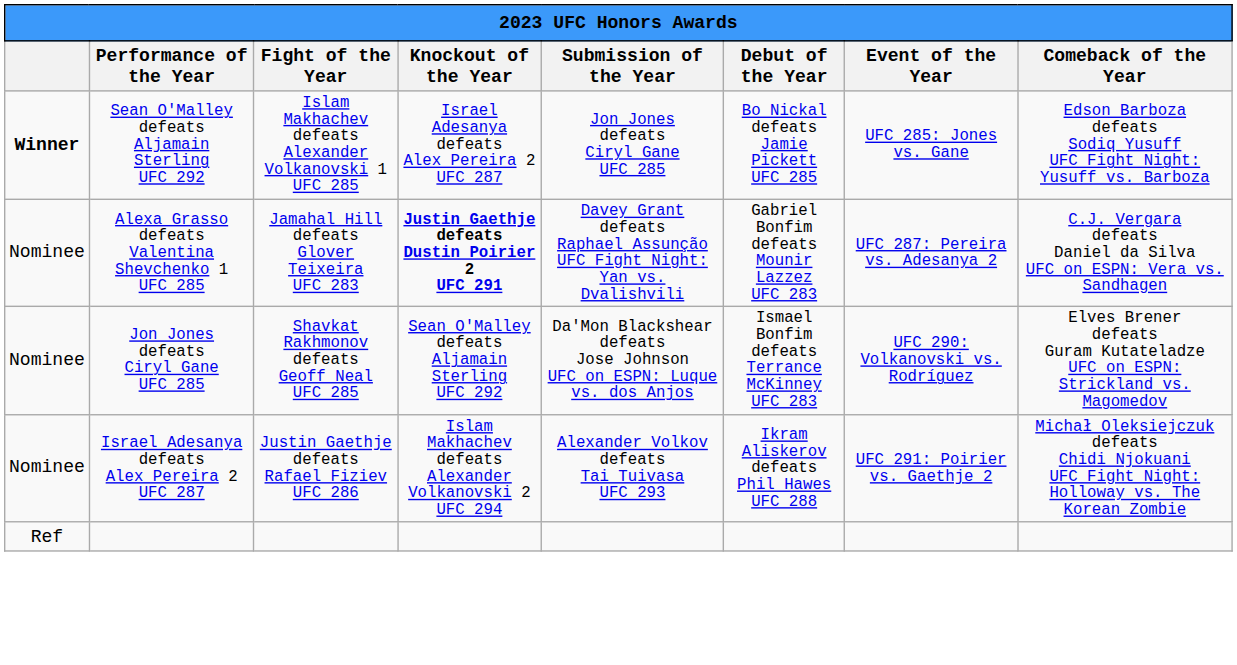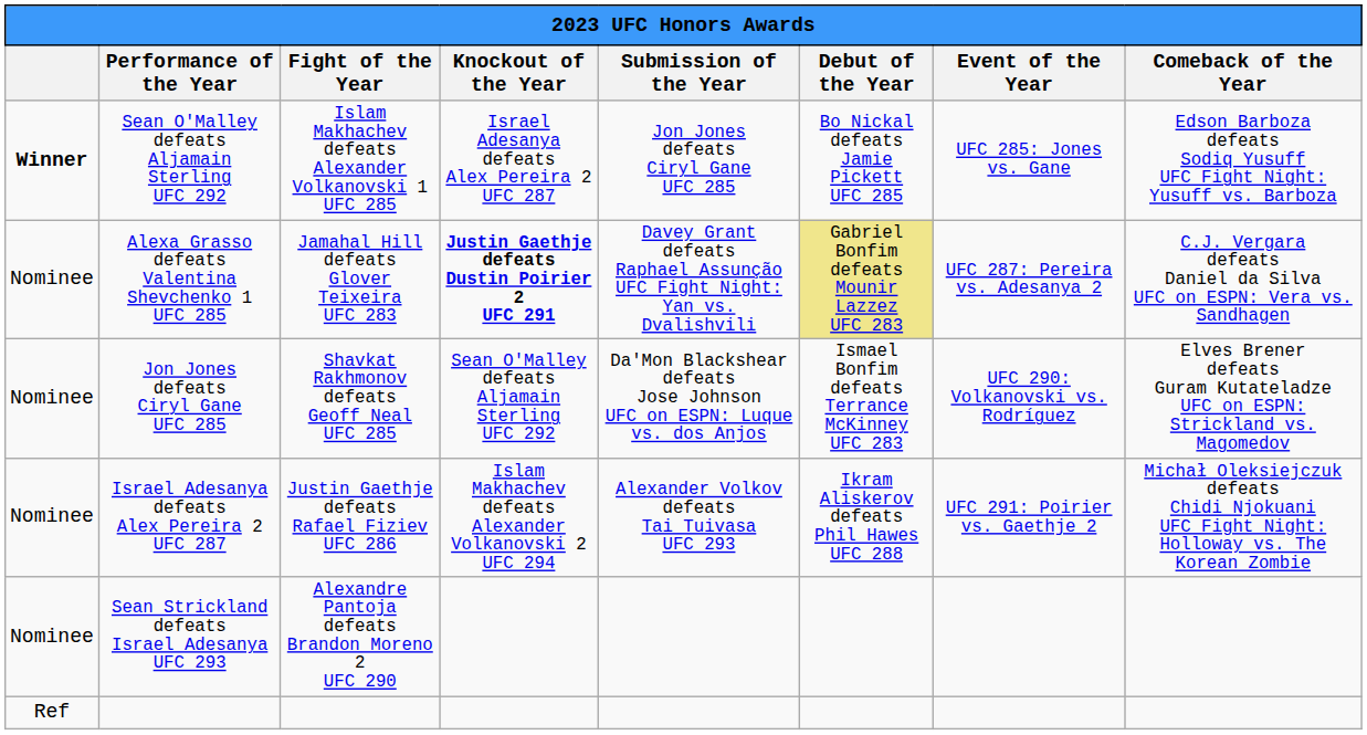 <table class="wikitable" width="100%" style="text-align:Center">
 <tr>
 <th colspan="8" style="border: 1px solid black; padding: 5px; background: #3B99FA;">2023 UFC Honors Awards</th>
 </tr>
 <tr>
 <th></th>
 <th>Performance of the Year</th>
 <th>Fight of the Year</th>
 <th>Knockout of the Year</th>
 <th>Submission of the Year</th>
 <th>Debut of the Year</th>
 <th>Event of the Year</th>
 <th>Comeback of the Year</th>
 </tr>
 <tr>
 <td><strong>Winner</strong></td>
 <td style="font-size:87%"><a href='#'>Sean O'Malley</a> <br> defeats <br> <a href='#'>Aljamain Sterling</a> <br> <a href='#'>UFC 292</a></td>
 <td style="font-size:87%"><a href='#'>Islam Makhachev</a> <br> defeats <br> <a href='#'>Alexander Volkanovski</a> 1 <br> <a href='#'>UFC 285</a></td>
 <td style="font-size:87%"><a href='#'>Israel Adesanya</a> <br> defeats <br> <a href='#'>Alex Pereira</a> 2 <br> <a href='#'>UFC 287</a></td>
 <td style="font-size:87%"><a href='#'>Jon Jones</a> <br> defeats <br> <a href='#'>Ciryl Gane</a> <br> <a href='#'>UFC 285</a></td>
 <td style="font-size:87%"><a href='#'>Bo Nickal</a> <br> defeats <br> <a href='#'>Jamie Pickett</a> <br> <a href='#'>UFC 285</a></td>
 <td style="font-size:87%"><a href='#'>UFC 285: Jones vs. Gane</a></td>
 <td style="font-size:87%"><a href='#'>Edson Barboza</a> <br> defeats <br> <a href='#'>Sodiq Yusuff</a> <br> <a href='#'>UFC Fight Night: Yusuff vs. Barboza</a></td>
 </tr>
 <tr>
 <td>Nominee</td>
 <td style="font-size:87%"><a href='#'>Alexa Grasso</a> <br> defeats <br> <a href='#'>Valentina Shevchenko</a> 1 <br> <a href='#'>UFC 285</a></td>
 <td style="font-size:87%"><a href='#'>Jamahal Hill</a> <br> defeats <br> <a href='#'>Glover Teixeira</a> <br> <a href='#'>UFC 283</a></td>
 <td style="font-size:87%"><strong><a href='#'>Justin Gaethje</a> <br> defeats <br> <a href='#'>Dustin Poirier</a> 2 <br> <a href='#'>UFC 291</a></strong></td>
 <td style="font-size:87%"><a href='#'>Davey Grant</a> <br> defeats <br> <a href='#'>Raphael Assunção</a> <br> <a href='#'>UFC Fight Night: Yan vs. Dvalishvili</a></td>
-<td style="font-size:87%">Gabriel Bonfim <br> defeats <br> <a href='#'>Mounir Lazzez</a> <br> <a href='#'>UFC 283</a></td>
+<td style="background: khaki; font-size:87%">Gabriel Bonfim <br> defeats <br> <a href='#'>Mounir Lazzez</a> <br> <a href='#'>UFC 283</a></td>
 <td style="font-size:87%"><a href='#'>UFC 287: Pereira vs. Adesanya 2</a></td>
 <td style="font-size:87%"><a href='#'>C.J. Vergara</a> <br> defeats <br> Daniel da Silva <br> <a href='#'>UFC on ESPN: Vera vs. Sandhagen</a></td>
 </tr>
 <tr>
 <td>Nominee</td>
 <td style="font-size:87%"><a href='#'>Jon Jones</a> <br> defeats <br> <a href='#'>Ciryl Gane</a> <br> <a href='#'>UFC 285</a></td>
 <td style="font-size:87%"><a href='#'>Shavkat Rakhmonov</a> <br> defeats <br> <a href='#'>Geoff Neal</a> <br> <a href='#'>UFC 285</a></td>
 <td style="font-size:87%"><a href='#'>Sean O'Malley</a> <br> defeats <br> <a href='#'>Aljamain Sterling</a> <br> <a href='#'>UFC 292</a></td>
 <td style="font-size:87%">Da'Mon Blackshear <br> defeats <br> Jose Johnson <br> <a href='#'>UFC on ESPN: Luque vs. dos Anjos</a></td>
 <td style="font-size:87%">Ismael Bonfim <br> defeats <br> <a href='#'>Terrance McKinney</a> <br> <a href='#'>UFC 283</a></td>
 <td style="font-size:87%"><a href='#'>UFC 290: Volkanovski vs. Rodríguez</a></td>
 <td style="font-size:87%">Elves Brener <br> defeats <br> Guram Kutateladze <br> <a href='#'>UFC on ESPN: Strickland vs. Magomedov</a></td>
 </tr>
 <tr>
 <td>Nominee</td>
 <td style="font-size:87%"><a href='#'>Israel Adesanya</a> <br> defeats <br> <a href='#'>Alex Pereira</a> 2 <br> <a href='#'>UFC 287</a></td>
 <td style="font-size:87%"><a href='#'>Justin Gaethje</a> <br> defeats <br> <a href='#'>Rafael Fiziev</a> <br> <a href='#'>UFC 286</a></td>
 <td style="font-size:87%"><a href='#'>Islam Makhachev</a> <br> defeats <br> <a href='#'>Alexander Volkanovski</a> 2 <br> <a href='#'>UFC 294</a></td>
 <td style="font-size:87%"><a href='#'>Alexander Volkov</a> <br> defeats <br> <a href='#'>Tai Tuivasa</a> <br> <a href='#'>UFC 293</a></td>
 <td style="font-size:87%"><a href='#'>Ikram Aliskerov</a> <br> defeats <br> <a href='#'>Phil Hawes</a> <br> <a href='#'>UFC 288</a></td>
 <td style="font-size:87%"><a href='#'>UFC 291: Poirier vs. Gaethje 2</a></td>
 <td style="font-size:87%"><a href='#'>Michał Oleksiejczuk</a> <br> defeats <br> <a href='#'>Chidi Njokuani</a> <br> <a href='#'>UFC Fight Night: Holloway vs. The Korean Zombie</a></td>
 </tr>
 <tr>
+<td>Nominee</td>
+<td style="font-size:87%"><a href='#'>Sean Strickland</a> <br> defeats <br> <a href='#'>Israel Adesanya</a> <br> <a href='#'>UFC 293</a></td>
+<td style="font-size:87%"><a href='#'>Alexandre Pantoja</a> <br> defeats <br> <a href='#'>Brandon Moreno</a> 2 <br> <a href='#'>UFC 290</a></td>
+<td></td>
+<td></td>
+<td></td>
+<td></td>
+<td></td>
+</tr>
+<tr>
 <td>Ref</td>
 <td></td>
 <td></td>
 <td></td>
 <td></td>
 <td></td>
 <td></td>
 <td></td>
 </tr>
 </table>
